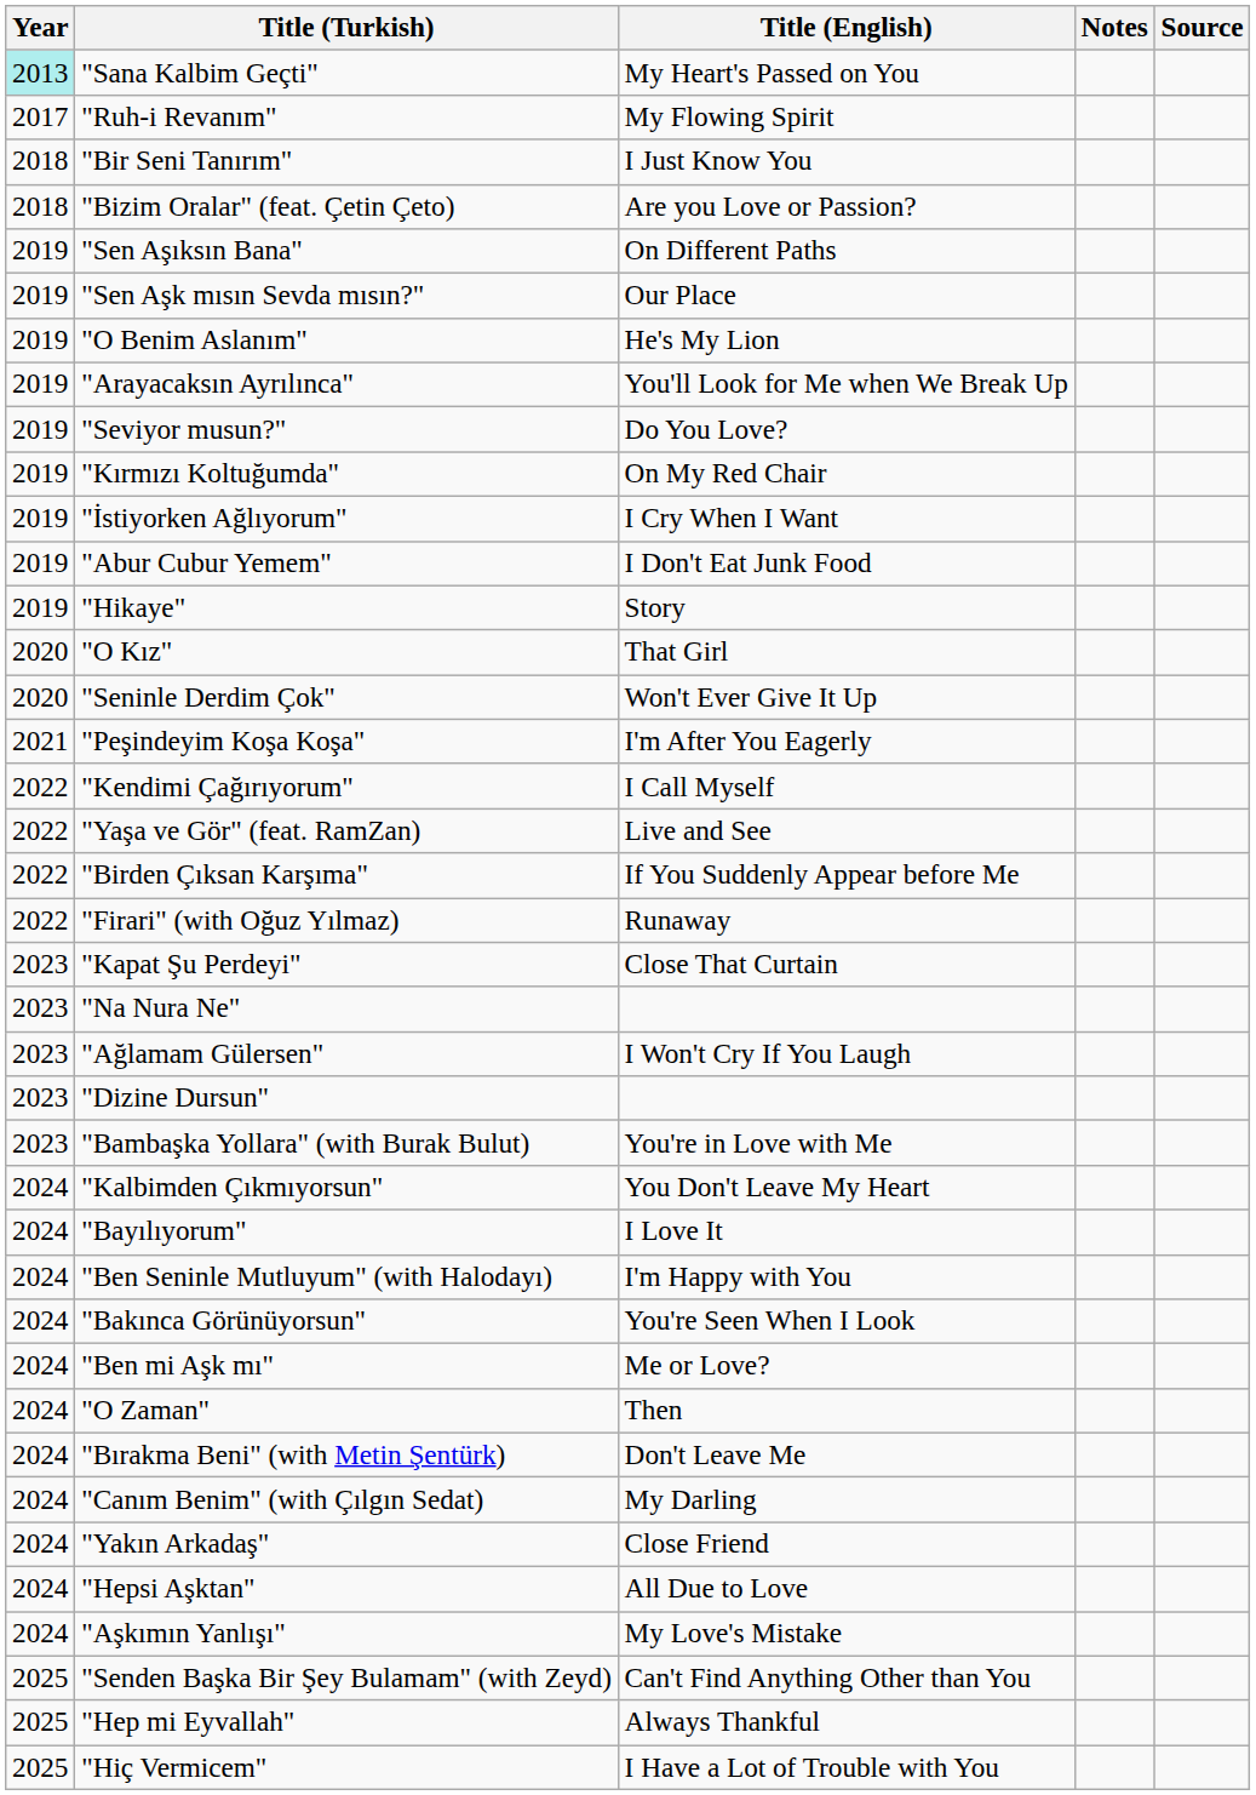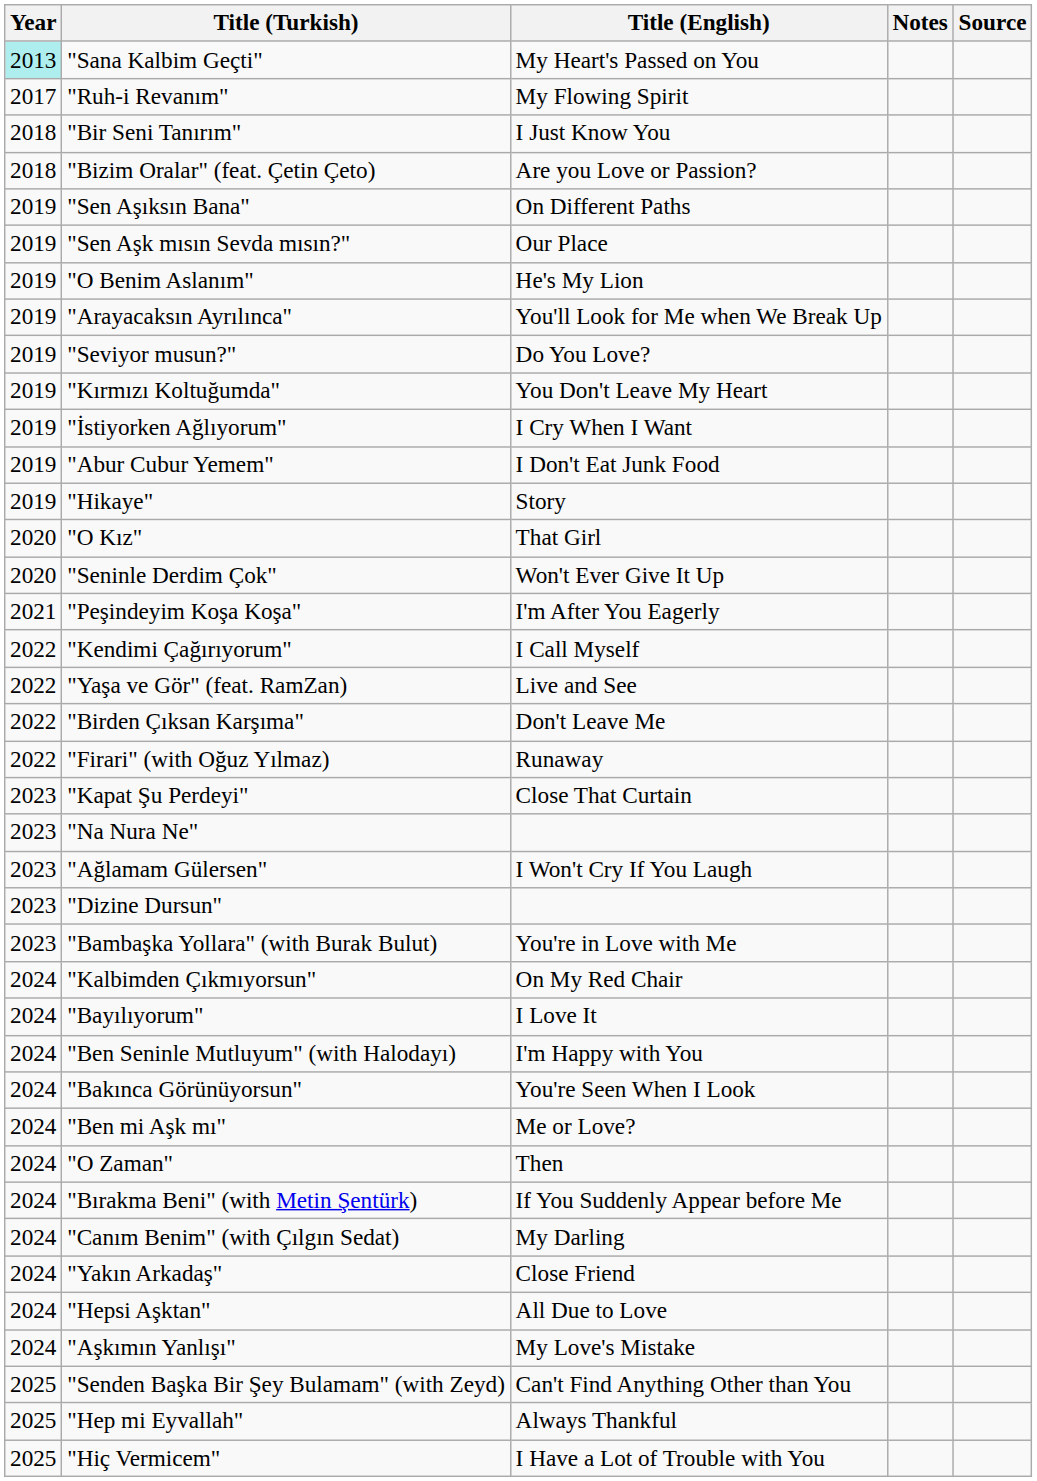 <table class="wikitable sortable">
 <tr>
 <th class="unsortable">Year</th>
 <th>Title (Turkish)</th>
 <th>Title (English)</th>
 <th>Notes</th>
 <th class="unsortable">Source</th>
 </tr>
 <tr>
 <td style="background: paleturquoise;">2013</td>
 <td>"Sana Kalbim Geçti"</td>
 <td>My Heart's Passed on You</td>
 <td></td>
 <td></td>
 </tr>
 <tr>
 <td>2017</td>
 <td>"Ruh-i Revanım"</td>
 <td>My Flowing Spirit</td>
 <td></td>
 <td></td>
 </tr>
 <tr>
 <td>2018</td>
 <td>"Bir Seni Tanırım"</td>
 <td>I Just Know You</td>
 <td></td>
 <td></td>
 </tr>
 <tr>
 <td>2018</td>
 <td>"Bizim Oralar" (feat. Çetin Çeto)</td>
 <td>Are you Love or Passion?</td>
 <td></td>
 <td></td>
 </tr>
 <tr>
 <td>2019</td>
 <td>"Sen Aşıksın Bana"</td>
 <td>On Different Paths</td>
 <td></td>
 <td></td>
 </tr>
 <tr>
 <td>2019</td>
 <td>"Sen Aşk mısın Sevda mısın?"</td>
 <td>Our Place</td>
 <td></td>
 <td></td>
 </tr>
 <tr>
 <td>2019</td>
 <td>"O Benim Aslanım"</td>
 <td>He's My Lion</td>
 <td></td>
 <td></td>
 </tr>
 <tr>
 <td>2019</td>
 <td>"Arayacaksın Ayrılınca"</td>
 <td>You'll Look for Me when We Break Up</td>
 <td></td>
 <td></td>
 </tr>
 <tr>
 <td>2019</td>
 <td>"Seviyor musun?"</td>
 <td>Do You Love?</td>
 <td></td>
 <td></td>
 </tr>
 <tr>
 <td>2019</td>
 <td>"Kırmızı Koltuğumda"</td>
-<td>On My Red Chair</td>
+<td>You Don't Leave My Heart</td>
 <td></td>
 <td></td>
 </tr>
 <tr>
 <td>2019</td>
 <td>"İstiyorken Ağlıyorum"</td>
 <td>I Cry When I Want</td>
 <td></td>
 <td></td>
 </tr>
 <tr>
 <td>2019</td>
 <td>"Abur Cubur Yemem"</td>
 <td>I Don't Eat Junk Food</td>
 <td></td>
 <td></td>
 </tr>
 <tr>
 <td>2019</td>
 <td>"Hikaye"</td>
 <td>Story</td>
 <td></td>
 <td></td>
 </tr>
 <tr>
 <td>2020</td>
 <td>"O Kız"</td>
 <td>That Girl</td>
 <td></td>
 <td></td>
 </tr>
 <tr>
 <td>2020</td>
 <td>"Seninle Derdim Çok"</td>
 <td>Won't Ever Give It Up</td>
 <td></td>
 <td></td>
 </tr>
 <tr>
 <td>2021</td>
 <td>"Peşindeyim Koşa Koşa"</td>
 <td>I'm After You Eagerly</td>
 <td></td>
 <td></td>
 </tr>
 <tr>
 <td>2022</td>
 <td>"Kendimi Çağırıyorum"</td>
 <td>I Call Myself</td>
 <td></td>
 <td></td>
 </tr>
 <tr>
 <td>2022</td>
 <td>"Yaşa ve Gör" (feat. RamZan)</td>
 <td>Live and See</td>
 <td></td>
 <td></td>
 </tr>
 <tr>
 <td>2022</td>
 <td>"Birden Çıksan Karşıma"</td>
-<td>If You Suddenly Appear before Me</td>
+<td>Don't Leave Me</td>
 <td></td>
 <td></td>
 </tr>
 <tr>
 <td>2022</td>
 <td>"Firari" (with Oğuz Yılmaz)</td>
 <td>Runaway</td>
 <td></td>
 <td></td>
 </tr>
 <tr>
 <td>2023</td>
 <td>"Kapat Şu Perdeyi"</td>
 <td>Close That Curtain</td>
 <td></td>
 <td></td>
 </tr>
 <tr>
 <td>2023</td>
 <td>"Na Nura Ne"</td>
 <td></td>
 <td></td>
 <td></td>
 </tr>
 <tr>
 <td>2023</td>
 <td>"Ağlamam Gülersen"</td>
 <td>I Won't Cry If You Laugh</td>
 <td></td>
 <td></td>
 </tr>
 <tr>
 <td>2023</td>
 <td>"Dizine Dursun"</td>
 <td></td>
 <td></td>
 <td></td>
 </tr>
 <tr>
 <td>2023</td>
 <td>"Bambaşka Yollara" (with Burak Bulut)</td>
 <td>You're in Love with Me</td>
 <td></td>
 <td></td>
 </tr>
 <tr>
 <td>2024</td>
 <td>"Kalbimden Çıkmıyorsun"</td>
-<td>You Don't Leave My Heart</td>
+<td>On My Red Chair</td>
 <td></td>
 <td></td>
 </tr>
 <tr>
 <td>2024</td>
 <td>"Bayılıyorum"</td>
 <td>I Love It</td>
 <td></td>
 <td></td>
 </tr>
 <tr>
 <td>2024</td>
 <td>"Ben Seninle Mutluyum" (with Halodayı)</td>
 <td>I'm Happy with You</td>
 <td></td>
 <td></td>
 </tr>
 <tr>
 <td>2024</td>
 <td>"Bakınca Görünüyorsun"</td>
 <td>You're Seen When I Look</td>
 <td></td>
 <td></td>
 </tr>
 <tr>
 <td>2024</td>
 <td>"Ben mi Aşk mı"</td>
 <td>Me or Love?</td>
 <td></td>
 <td></td>
 </tr>
 <tr>
 <td>2024</td>
 <td>"O Zaman"</td>
 <td>Then</td>
 <td></td>
 <td></td>
 </tr>
 <tr>
 <td>2024</td>
 <td>"Bırakma Beni" (with <a href='#'>Metin Şentürk</a>)</td>
-<td>Don't Leave Me</td>
+<td>If You Suddenly Appear before Me</td>
 <td></td>
 <td></td>
 </tr>
 <tr>
 <td>2024</td>
 <td>"Canım Benim" (with Çılgın Sedat)</td>
 <td>My Darling</td>
 <td></td>
 <td></td>
 </tr>
 <tr>
 <td>2024</td>
 <td>"Yakın Arkadaş"</td>
 <td>Close Friend</td>
 <td></td>
 <td></td>
 </tr>
 <tr>
 <td>2024</td>
 <td>"Hepsi Aşktan"</td>
 <td>All Due to Love</td>
 <td></td>
 <td></td>
 </tr>
 <tr>
 <td>2024</td>
 <td>"Aşkımın Yanlışı"</td>
 <td>My Love's Mistake</td>
 <td></td>
 <td></td>
 </tr>
 <tr>
 <td>2025</td>
 <td>"Senden Başka Bir Şey Bulamam" (with Zeyd)</td>
 <td>Can't Find Anything Other than You</td>
 <td></td>
 <td></td>
 </tr>
 <tr>
 <td>2025</td>
 <td>"Hep mi Eyvallah"</td>
 <td>Always Thankful</td>
 <td></td>
 <td></td>
 </tr>
 <tr>
 <td>2025</td>
 <td>"Hiç Vermicem"</td>
 <td>I Have a Lot of Trouble with You</td>
 <td></td>
 <td></td>
 </tr>
 <tr>
 </tr>
 </table>
